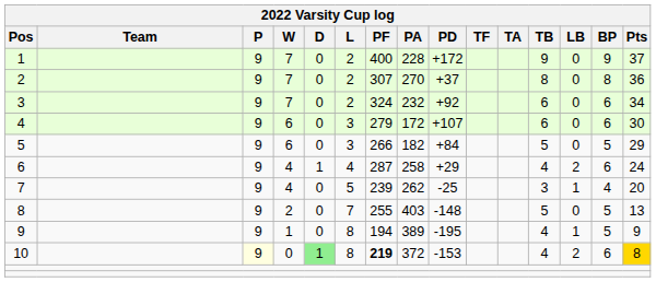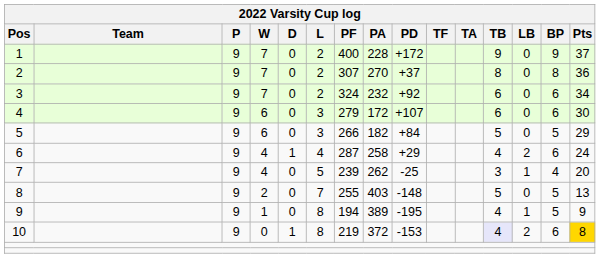 <table class="wikitable" style="text-align:center; font-size:100%; width:60%;">
 <tr>
 <th colspan="100%" cellpadding="0" cellspacing="0"><strong>2022 Varsity Cup log</strong></th>
 </tr>
 <tr>
 <th style="width:5%;">Pos</th>
 <th style="width:35%;">Team</th>
 <th style="width:5%;">P</th>
 <th style="width:5%;">W</th>
 <th style="width:5%;">D</th>
 <th style="width:5%;">L</th>
 <th style="width:5%;">PF</th>
 <th style="width:5%;">PA</th>
 <th style="width:5%;">PD</th>
 <th style="width:5%;">TF</th>
 <th style="width:5%;">TA</th>
 <th style="width:5%;">TB</th>
 <th style="width:5%;">LB</th>
 <th style="width:5%;">BP</th>
 <th style="width:5%;">Pts<br></th>
 </tr>
 <tr style="background:#E8FFD8;">
 <td>1</td>
 <td style="text-align:left;"></td>
 <td>9</td>
 <td>7</td>
 <td>0</td>
 <td>2</td>
 <td>400</td>
 <td>228</td>
 <td>+172</td>
 <td></td>
 <td></td>
 <td>9</td>
 <td>0</td>
 <td>9</td>
 <td>37</td>
 </tr>
 <tr style="background:#E8FFD8;">
 <td>2</td>
 <td style="text-align:left;"></td>
 <td>9</td>
 <td>7</td>
 <td>0</td>
 <td>2</td>
 <td>307</td>
 <td>270</td>
 <td>+37</td>
 <td></td>
 <td></td>
 <td>8</td>
 <td>0</td>
 <td>8</td>
 <td>36</td>
 </tr>
 <tr style="background:#E8FFD8;">
 <td>3</td>
 <td style="text-align:left;"></td>
 <td>9</td>
 <td>7</td>
 <td>0</td>
 <td>2</td>
 <td>324</td>
 <td>232</td>
 <td>+92</td>
 <td></td>
 <td></td>
 <td>6</td>
 <td>0</td>
 <td>6</td>
 <td>34</td>
 </tr>
 <tr style="background:#E8FFD8;">
 <td>4</td>
 <td style="text-align:left;"></td>
 <td>9</td>
 <td>6</td>
 <td>0</td>
 <td>3</td>
 <td>279</td>
 <td>172</td>
 <td>+107</td>
 <td></td>
 <td></td>
 <td>6</td>
 <td>0</td>
 <td>6</td>
 <td>30</td>
 </tr>
 <tr>
 <td>5</td>
 <td style="text-align:left;"></td>
 <td>9</td>
 <td>6</td>
 <td>0</td>
 <td>3</td>
 <td>266</td>
 <td>182</td>
 <td>+84</td>
 <td></td>
 <td></td>
 <td>5</td>
 <td>0</td>
 <td>5</td>
 <td>29</td>
 </tr>
 <tr>
 <td>6</td>
 <td style="text-align:left;"></td>
 <td>9</td>
 <td>4</td>
 <td>1</td>
 <td>4</td>
 <td>287</td>
 <td>258</td>
 <td>+29</td>
 <td></td>
 <td></td>
 <td>4</td>
 <td>2</td>
 <td>6</td>
 <td>24</td>
 </tr>
 <tr>
 <td>7</td>
 <td style="text-align:left;"></td>
 <td>9</td>
 <td>4</td>
 <td>0</td>
 <td>5</td>
 <td>239</td>
 <td>262</td>
 <td>-25</td>
 <td></td>
 <td></td>
 <td>3</td>
 <td>1</td>
 <td>4</td>
 <td>20</td>
 </tr>
 <tr>
 <td>8</td>
 <td style="text-align:left;"></td>
 <td>9</td>
 <td>2</td>
 <td>0</td>
 <td>7</td>
 <td>255</td>
 <td>403</td>
 <td>-148</td>
 <td></td>
 <td></td>
 <td>5</td>
 <td>0</td>
 <td>5</td>
 <td>13</td>
 </tr>
 <tr>
 <td>9</td>
 <td style="text-align:left;"></td>
 <td>9</td>
 <td>1</td>
 <td>0</td>
 <td>8</td>
 <td>194</td>
 <td>389</td>
 <td>-195</td>
 <td></td>
 <td></td>
 <td>4</td>
 <td>1</td>
 <td>5</td>
 <td>9</td>
 </tr>
 <tr>
 <td>10</td>
 <td style="text-align:left;"></td>
-<td style="background: lightyellow;">9</td>
+<td>9</td>
 <td>0</td>
-<td style="background: lightgreen;">1</td>
+<td>1</td>
 <td>8</td>
-<td><strong>219</strong></td>
+<td>219</td>
 <td>372</td>
 <td>-153</td>
 <td></td>
 <td></td>
-<td>4</td>
+<td style="background: lavender;">4</td>
 <td>2</td>
 <td>6</td>
 <td style="background: gold;">8</td>
 </tr>
 <tr>
 <td colspan="100%" cellpadding="0" cellspacing="0"></td>
 </tr>
 <tr>
 <td colspan="100%" cellpadding="0" cellspacing="0"></td>
 </tr>
 </table>
